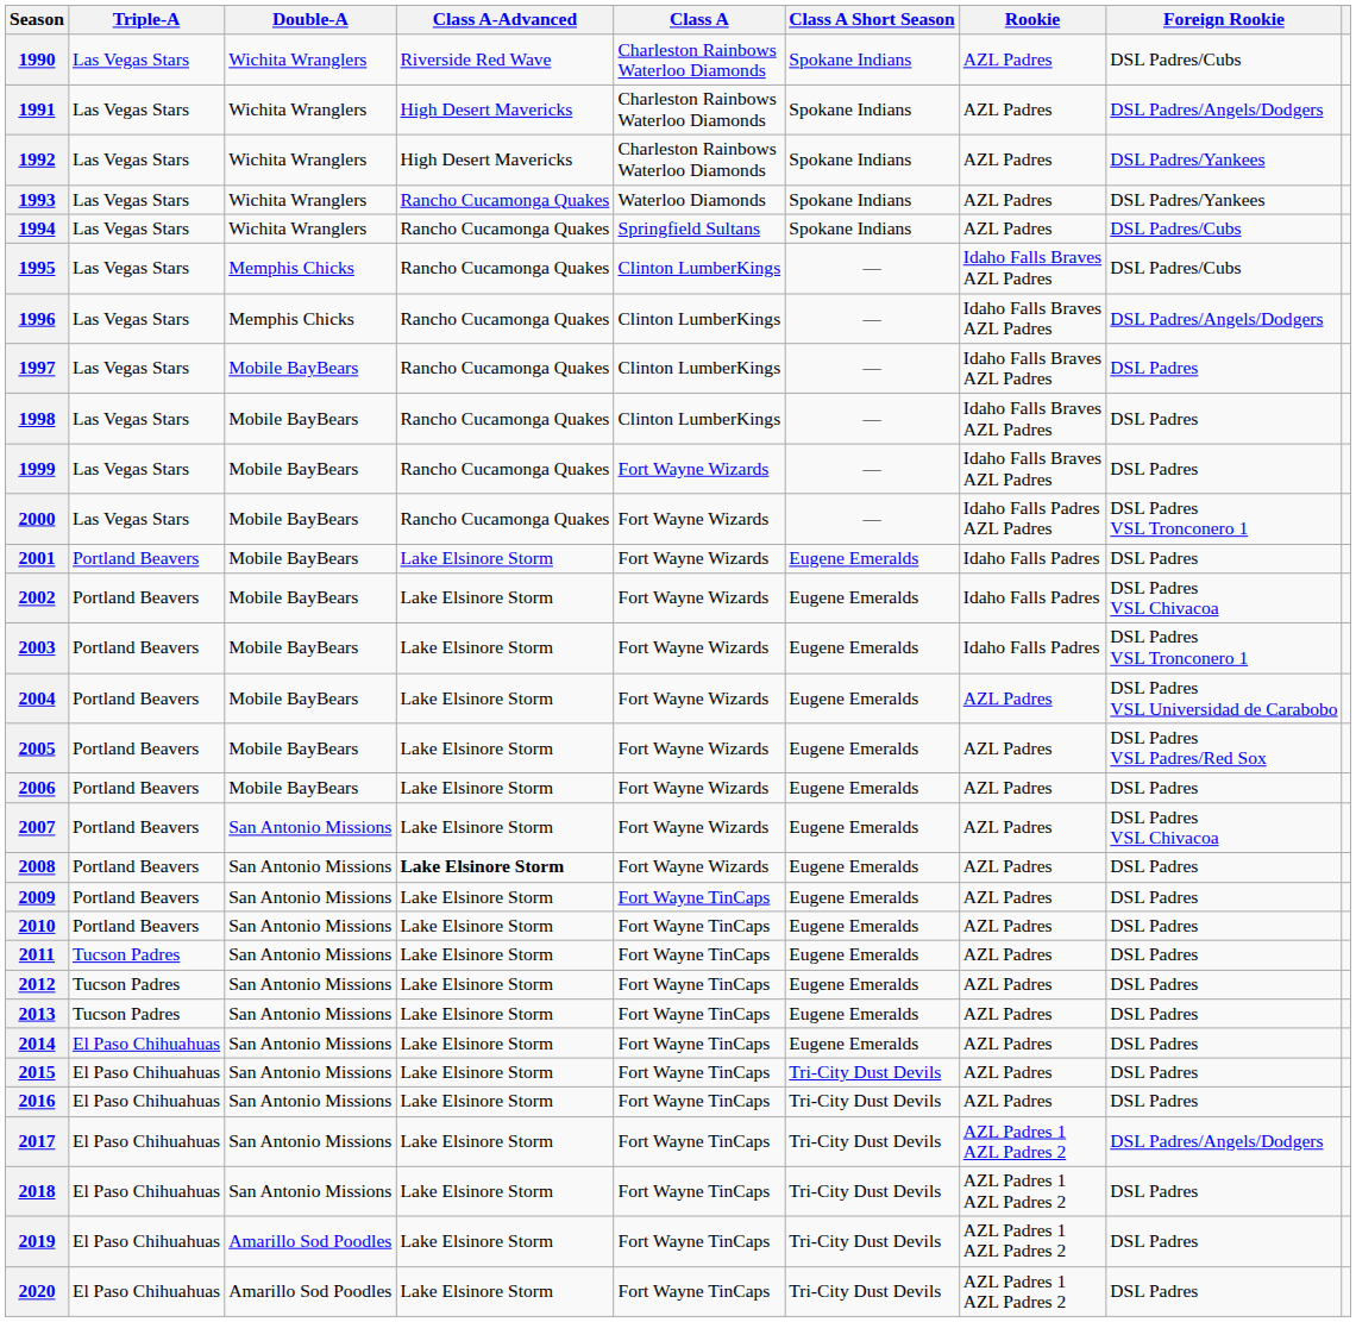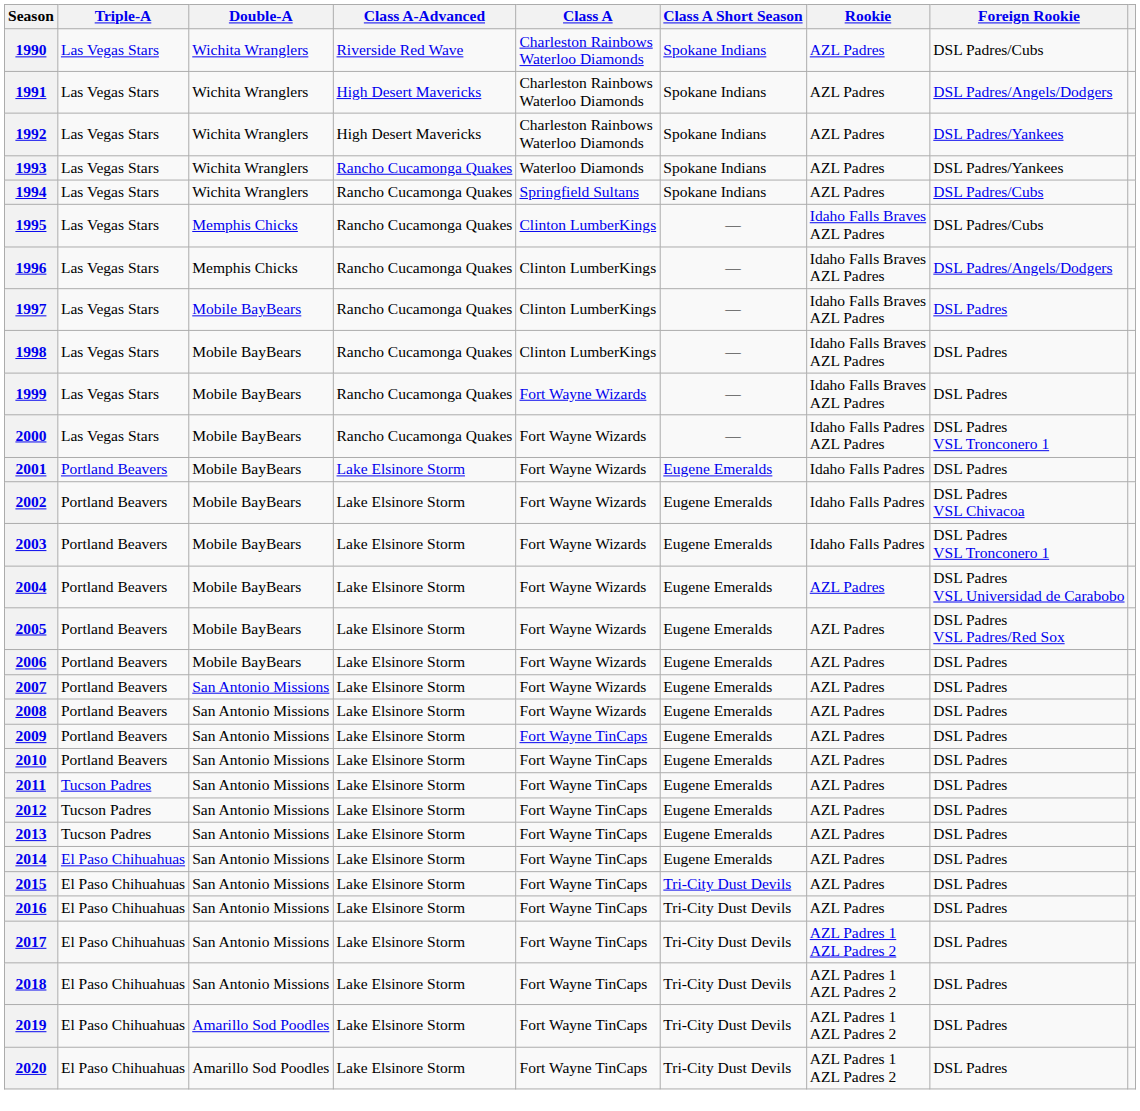 <table class="wikitable plainrowheaders">
 <tr>
 <th scope="col">Season</th>
 <th scope="col"><a href='#'><span>Triple-A</span></a></th>
 <th scope="col"><a href='#'><span>Double-A</span></a></th>
 <th scope="col"><a href='#'><span>Class A-Advanced</span></a></th>
 <th scope="col"><a href='#'><span>Class A</span></a></th>
 <th scope="col"><a href='#'><span>Class A Short Season</span></a></th>
 <th scope="col"><a href='#'><span>Rookie</span></a></th>
 <th scope="col"><a href='#'><span>Foreign Rookie</span></a></th>
 <th scope="col"></th>
 </tr>
 <tr>
 <th scope="row" style="text-align:center"><a href='#'>1990</a></th>
 <td><a href='#'>Las Vegas Stars</a></td>
 <td><a href='#'>Wichita Wranglers</a></td>
 <td><a href='#'>Riverside Red Wave</a></td>
 <td><a href='#'>Charleston Rainbows</a><br><a href='#'>Waterloo Diamonds</a></td>
 <td><a href='#'>Spokane Indians</a></td>
 <td><a href='#'>AZL Padres</a></td>
 <td>DSL Padres/Cubs</td>
 <td align="center"></td>
 </tr>
 <tr>
 <th scope="row" style="text-align:center"><a href='#'>1991</a></th>
 <td>Las Vegas Stars</td>
 <td>Wichita Wranglers</td>
 <td><a href='#'>High Desert Mavericks</a></td>
 <td>Charleston Rainbows<br>Waterloo Diamonds</td>
 <td>Spokane Indians</td>
 <td>AZL Padres</td>
 <td><a href='#'>DSL Padres/Angels/Dodgers</a></td>
 <td align="center"></td>
 </tr>
 <tr>
 <th scope="row" style="text-align:center"><a href='#'>1992</a></th>
 <td>Las Vegas Stars</td>
 <td>Wichita Wranglers</td>
 <td>High Desert Mavericks</td>
 <td>Charleston Rainbows<br>Waterloo Diamonds</td>
 <td>Spokane Indians</td>
 <td>AZL Padres</td>
 <td><a href='#'>DSL Padres/Yankees</a></td>
 <td align="center"></td>
 </tr>
 <tr>
 <th scope="row" style="text-align:center"><a href='#'>1993</a></th>
 <td>Las Vegas Stars</td>
 <td>Wichita Wranglers</td>
 <td><a href='#'>Rancho Cucamonga Quakes</a></td>
 <td>Waterloo Diamonds</td>
 <td>Spokane Indians</td>
 <td>AZL Padres</td>
 <td>DSL Padres/Yankees</td>
 <td align="center"></td>
 </tr>
 <tr>
 <th scope="row" style="text-align:center"><a href='#'>1994</a></th>
 <td>Las Vegas Stars</td>
 <td>Wichita Wranglers</td>
 <td>Rancho Cucamonga Quakes</td>
 <td><a href='#'>Springfield Sultans</a></td>
 <td>Spokane Indians</td>
 <td>AZL Padres</td>
 <td><a href='#'>DSL Padres/Cubs</a></td>
 <td align="center"></td>
 </tr>
 <tr>
 <th scope="row" style="text-align:center"><a href='#'>1995</a></th>
 <td>Las Vegas Stars</td>
 <td><a href='#'>Memphis Chicks</a></td>
 <td>Rancho Cucamonga Quakes</td>
 <td><a href='#'>Clinton LumberKings</a></td>
 <td align="center">—</td>
 <td><a href='#'>Idaho Falls Braves</a><br>AZL Padres</td>
 <td>DSL Padres/Cubs</td>
 <td align="center"></td>
 </tr>
 <tr>
 <th scope="row" style="text-align:center"><a href='#'>1996</a></th>
 <td>Las Vegas Stars</td>
 <td>Memphis Chicks</td>
 <td>Rancho Cucamonga Quakes</td>
 <td>Clinton LumberKings</td>
 <td align="center">—</td>
 <td>Idaho Falls Braves<br>AZL Padres</td>
 <td><a href='#'>DSL Padres/Angels/Dodgers</a></td>
 <td align="center"></td>
 </tr>
 <tr>
 <th scope="row" style="text-align:center"><a href='#'>1997</a></th>
 <td>Las Vegas Stars</td>
 <td><a href='#'>Mobile BayBears</a></td>
 <td>Rancho Cucamonga Quakes</td>
 <td>Clinton LumberKings</td>
 <td align="center">—</td>
 <td>Idaho Falls Braves<br>AZL Padres</td>
 <td><a href='#'>DSL Padres</a></td>
 <td align="center"></td>
 </tr>
 <tr>
 <th scope="row" style="text-align:center"><a href='#'>1998</a></th>
 <td>Las Vegas Stars</td>
 <td>Mobile BayBears</td>
 <td>Rancho Cucamonga Quakes</td>
 <td>Clinton LumberKings</td>
 <td align="center">—</td>
 <td>Idaho Falls Braves<br>AZL Padres</td>
 <td>DSL Padres</td>
 <td align="center"></td>
 </tr>
 <tr>
 <th scope="row" style="text-align:center"><a href='#'>1999</a></th>
 <td>Las Vegas Stars</td>
 <td>Mobile BayBears</td>
 <td>Rancho Cucamonga Quakes</td>
 <td><a href='#'>Fort Wayne Wizards</a></td>
 <td align="center">—</td>
 <td>Idaho Falls Braves<br>AZL Padres</td>
 <td>DSL Padres</td>
 <td align="center"></td>
 </tr>
 <tr>
 <th scope="row" style="text-align:center"><a href='#'>2000</a></th>
 <td>Las Vegas Stars</td>
 <td>Mobile BayBears</td>
 <td>Rancho Cucamonga Quakes</td>
 <td>Fort Wayne Wizards</td>
 <td align="center">—</td>
 <td>Idaho Falls Padres<br>AZL Padres</td>
 <td>DSL Padres<br><a href='#'>VSL Tronconero 1</a></td>
 <td align="center"></td>
 </tr>
 <tr>
 <th scope="row" style="text-align:center"><a href='#'>2001</a></th>
 <td><a href='#'>Portland Beavers</a></td>
 <td>Mobile BayBears</td>
 <td><a href='#'>Lake Elsinore Storm</a></td>
 <td>Fort Wayne Wizards</td>
 <td><a href='#'>Eugene Emeralds</a></td>
 <td>Idaho Falls Padres</td>
 <td>DSL Padres</td>
 <td align="center"></td>
 </tr>
 <tr>
 <th scope="row" style="text-align:center"><a href='#'>2002</a></th>
 <td>Portland Beavers</td>
 <td>Mobile BayBears</td>
 <td>Lake Elsinore Storm</td>
 <td>Fort Wayne Wizards</td>
 <td>Eugene Emeralds</td>
 <td>Idaho Falls Padres</td>
 <td>DSL Padres<br><a href='#'>VSL Chivacoa</a></td>
 <td align="center"></td>
 </tr>
 <tr>
 <th scope="row" style="text-align:center"><a href='#'>2003</a></th>
 <td>Portland Beavers</td>
 <td>Mobile BayBears</td>
 <td>Lake Elsinore Storm</td>
 <td>Fort Wayne Wizards</td>
 <td>Eugene Emeralds</td>
 <td>Idaho Falls Padres</td>
 <td>DSL Padres<br><a href='#'>VSL Tronconero 1</a></td>
 <td align="center"></td>
 </tr>
 <tr>
 <th scope="row" style="text-align:center"><a href='#'>2004</a></th>
 <td>Portland Beavers</td>
 <td>Mobile BayBears</td>
 <td>Lake Elsinore Storm</td>
 <td>Fort Wayne Wizards</td>
 <td>Eugene Emeralds</td>
 <td><a href='#'>AZL Padres</a></td>
 <td>DSL Padres<br><a href='#'>VSL Universidad de Carabobo</a></td>
 <td align="center"></td>
 </tr>
 <tr>
 <th scope="row" style="text-align:center"><a href='#'>2005</a></th>
 <td>Portland Beavers</td>
 <td>Mobile BayBears</td>
 <td>Lake Elsinore Storm</td>
 <td>Fort Wayne Wizards</td>
 <td>Eugene Emeralds</td>
 <td>AZL Padres</td>
 <td>DSL Padres<br><a href='#'>VSL Padres/Red Sox</a></td>
 <td align="center"></td>
 </tr>
 <tr>
 <th scope="row" style="text-align:center"><a href='#'>2006</a></th>
 <td>Portland Beavers</td>
 <td>Mobile BayBears</td>
 <td>Lake Elsinore Storm</td>
 <td>Fort Wayne Wizards</td>
 <td>Eugene Emeralds</td>
 <td>AZL Padres</td>
 <td>DSL Padres</td>
 <td align="center"></td>
 </tr>
 <tr>
 <th scope="row" style="text-align:center"><a href='#'>2007</a></th>
 <td>Portland Beavers</td>
 <td><a href='#'>San Antonio Missions</a></td>
 <td>Lake Elsinore Storm</td>
 <td>Fort Wayne Wizards</td>
 <td>Eugene Emeralds</td>
 <td>AZL Padres</td>
-<td>DSL Padres<br><a href='#'>VSL Chivacoa</a></td>
+<td>DSL Padres</td>
 <td align="center"></td>
 </tr>
 <tr>
 <th scope="row" style="text-align:center"><a href='#'>2008</a></th>
 <td>Portland Beavers</td>
 <td>San Antonio Missions</td>
-<td><strong>Lake Elsinore Storm</strong></td>
+<td>Lake Elsinore Storm</td>
 <td>Fort Wayne Wizards</td>
 <td>Eugene Emeralds</td>
 <td>AZL Padres</td>
 <td>DSL Padres</td>
 <td align="center"></td>
 </tr>
 <tr>
 <th scope="row" style="text-align:center"><a href='#'>2009</a></th>
 <td>Portland Beavers</td>
 <td>San Antonio Missions</td>
 <td>Lake Elsinore Storm</td>
 <td><a href='#'>Fort Wayne TinCaps</a></td>
 <td>Eugene Emeralds</td>
 <td>AZL Padres</td>
 <td>DSL Padres</td>
 <td align="center"></td>
 </tr>
 <tr>
 <th scope="row" style="text-align:center"><a href='#'>2010</a></th>
 <td>Portland Beavers</td>
 <td>San Antonio Missions</td>
 <td>Lake Elsinore Storm</td>
 <td>Fort Wayne TinCaps</td>
 <td>Eugene Emeralds</td>
 <td>AZL Padres</td>
 <td>DSL Padres</td>
 <td align="center"></td>
 </tr>
 <tr>
 <th scope="row" style="text-align:center"><a href='#'>2011</a></th>
 <td><a href='#'>Tucson Padres</a></td>
 <td>San Antonio Missions</td>
 <td>Lake Elsinore Storm</td>
 <td>Fort Wayne TinCaps</td>
 <td>Eugene Emeralds</td>
 <td>AZL Padres</td>
 <td>DSL Padres</td>
 <td align="center"></td>
 </tr>
 <tr>
 <th scope="row" style="text-align:center"><a href='#'>2012</a></th>
 <td>Tucson Padres</td>
 <td>San Antonio Missions</td>
 <td>Lake Elsinore Storm</td>
 <td>Fort Wayne TinCaps</td>
 <td>Eugene Emeralds</td>
 <td>AZL Padres</td>
 <td>DSL Padres</td>
 <td align="center"></td>
 </tr>
 <tr>
 <th scope="row" style="text-align:center"><a href='#'>2013</a></th>
 <td>Tucson Padres</td>
 <td>San Antonio Missions</td>
 <td>Lake Elsinore Storm</td>
 <td>Fort Wayne TinCaps</td>
 <td>Eugene Emeralds</td>
 <td>AZL Padres</td>
 <td>DSL Padres</td>
 <td align="center"></td>
 </tr>
 <tr>
 <th scope="row" style="text-align:center"><a href='#'>2014</a></th>
 <td><a href='#'>El Paso Chihuahuas</a></td>
 <td>San Antonio Missions</td>
 <td>Lake Elsinore Storm</td>
 <td>Fort Wayne TinCaps</td>
 <td>Eugene Emeralds</td>
 <td>AZL Padres</td>
 <td>DSL Padres</td>
 <td align="center"></td>
 </tr>
 <tr>
 <th scope="row" style="text-align:center"><a href='#'>2015</a></th>
 <td>El Paso Chihuahuas</td>
 <td>San Antonio Missions</td>
 <td>Lake Elsinore Storm</td>
 <td>Fort Wayne TinCaps</td>
 <td><a href='#'>Tri-City Dust Devils</a></td>
 <td>AZL Padres</td>
 <td>DSL Padres</td>
 <td align="center"></td>
 </tr>
 <tr>
 <th scope="row" style="text-align:center"><a href='#'>2016</a></th>
 <td>El Paso Chihuahuas</td>
 <td>San Antonio Missions</td>
 <td>Lake Elsinore Storm</td>
 <td>Fort Wayne TinCaps</td>
 <td>Tri-City Dust Devils</td>
 <td>AZL Padres</td>
 <td>DSL Padres</td>
 <td align="center"></td>
 </tr>
 <tr>
 <th scope="row" style="text-align:center"><a href='#'>2017</a></th>
 <td>El Paso Chihuahuas</td>
 <td>San Antonio Missions</td>
 <td>Lake Elsinore Storm</td>
 <td>Fort Wayne TinCaps</td>
 <td>Tri-City Dust Devils</td>
 <td><a href='#'>AZL Padres 1</a><br><a href='#'>AZL Padres 2</a></td>
-<td><a href='#'>DSL Padres/Angels/Dodgers</a></td>
+<td>DSL Padres</td>
 <td align="center"></td>
 </tr>
 <tr>
 <th scope="row" style="text-align:center"><a href='#'>2018</a></th>
 <td>El Paso Chihuahuas</td>
 <td>San Antonio Missions</td>
 <td>Lake Elsinore Storm</td>
 <td>Fort Wayne TinCaps</td>
 <td>Tri-City Dust Devils</td>
 <td>AZL Padres 1<br>AZL Padres 2</td>
 <td>DSL Padres</td>
 <td align="center"></td>
 </tr>
 <tr>
 <th scope="row" style="text-align:center"><a href='#'>2019</a></th>
 <td>El Paso Chihuahuas</td>
 <td><a href='#'>Amarillo Sod Poodles</a></td>
 <td>Lake Elsinore Storm</td>
 <td>Fort Wayne TinCaps</td>
 <td>Tri-City Dust Devils</td>
 <td>AZL Padres 1<br>AZL Padres 2</td>
 <td>DSL Padres</td>
 <td align="center"></td>
 </tr>
 <tr>
 <th scope="row" style="text-align:center"><a href='#'>2020</a></th>
 <td>El Paso Chihuahuas</td>
 <td>Amarillo Sod Poodles</td>
 <td>Lake Elsinore Storm</td>
 <td>Fort Wayne TinCaps</td>
 <td>Tri-City Dust Devils</td>
 <td>AZL Padres 1<br>AZL Padres 2</td>
 <td>DSL Padres</td>
 <td align="center"></td>
 </tr>
 </table>
